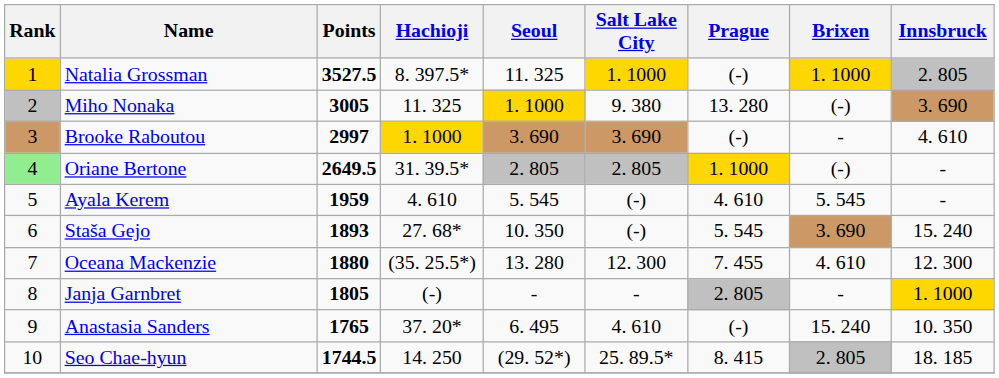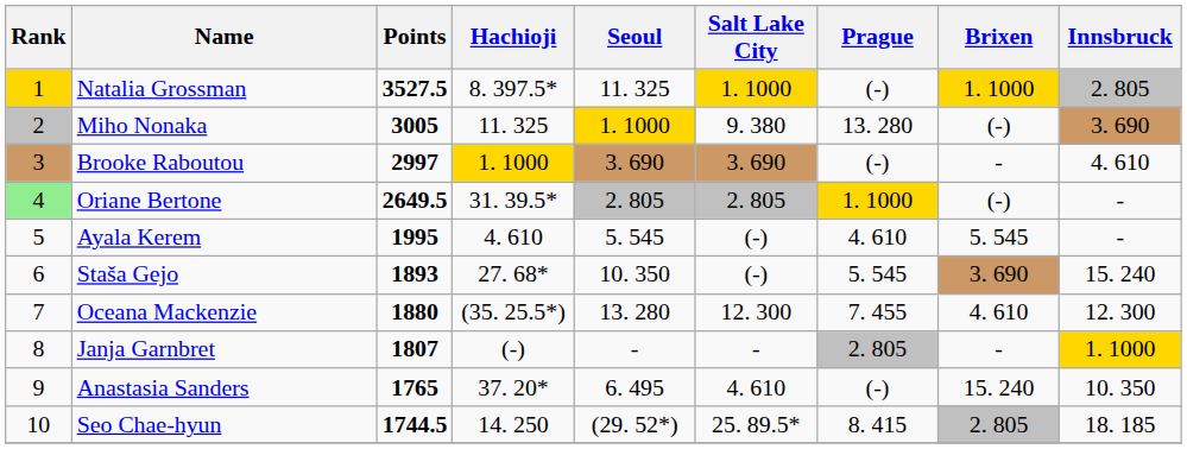 <table class="wikitable sortable">
 <tr>
 <th>Rank</th>
 <th width = "200">Name</th>
 <th>Points</th>
 <th width = "75" data-sort-type="number"><a href='#'>Hachioji</a></th>
 <th width = "75" data-sort-type="number"><a href='#'>Seoul</a></th>
 <th width = "75" data-sort-type="number"><a href='#'>Salt Lake City</a></th>
 <th width = "75" data-sort-type="number"><a href='#'>Prague</a></th>
 <th width = "75" data-sort-type="number"><a href='#'>Brixen</a></th>
 <th width = "75" data-sort-type="number"><a href='#'>Innsbruck</a></th>
 </tr>
 <tr>
 <td align="center" style="background: gold">1</td>
 <td> <a href='#'>Natalia Grossman</a></td>
 <td align="center"><strong>3527.5</strong></td>
 <td align="center">8. 397.5*</td>
 <td align="center">11. 325</td>
 <td align="center" style="background: gold">1. 1000</td>
 <td align="center">(-)</td>
 <td align="center" style="background: gold">1. 1000</td>
 <td align="center" style="background: silver">2. 805</td>
 </tr>
 <tr>
 <td align="center" style="background: silver">2</td>
 <td> <a href='#'>Miho Nonaka</a></td>
 <td align="center"><strong>3005</strong></td>
 <td align="center">11. 325</td>
 <td align="center" style="background: gold">1. 1000</td>
 <td align="center">9. 380</td>
 <td align="center">13. 280</td>
 <td align="center">(-)</td>
 <td align="center" style="background: #cc9966">3. 690</td>
 </tr>
 <tr>
 <td align="center" style="background: #cc9966">3</td>
 <td> <a href='#'>Brooke Raboutou</a></td>
 <td align="center"><strong>2997</strong></td>
 <td align="center" style="background: gold">1. 1000</td>
 <td align="center" style="background: #cc9966">3. 690</td>
 <td align="center" style="background: #cc9966">3. 690</td>
 <td align="center">(-)</td>
 <td align="center">-</td>
 <td align="center">4. 610</td>
 </tr>
 <tr>
 <td align="center" style="background: lightgreen;">4</td>
 <td> <a href='#'>Oriane Bertone</a></td>
 <td align="center"><strong>2649.5</strong></td>
 <td align="center">31. 39.5*</td>
 <td align="center" style="background: silver">2. 805</td>
 <td align="center" style="background: silver">2. 805</td>
 <td align="center" style="background: gold">1. 1000</td>
 <td align="center">(-)</td>
 <td align="center">-</td>
 </tr>
 <tr>
 <td align="center">5</td>
 <td> <a href='#'>Ayala Kerem</a></td>
-<td align="center"><strong>1959</strong></td>
+<td align="center"><strong>1995</strong></td>
 <td align="center">4. 610</td>
 <td align="center">5. 545</td>
 <td align="center">(-)</td>
 <td align="center">4. 610</td>
 <td align="center">5. 545</td>
 <td align="center">-</td>
 </tr>
 <tr>
 <td align="center">6</td>
 <td> <a href='#'>Staša Gejo</a></td>
 <td align="center"><strong>1893</strong></td>
 <td align="center">27. 68*</td>
 <td align="center">10. 350</td>
 <td align="center">(-)</td>
 <td align="center">5. 545</td>
 <td align="center" style="background: #cc9966">3. 690</td>
 <td align="center">15. 240</td>
 </tr>
 <tr>
 <td align="center">7</td>
 <td> <a href='#'>Oceana Mackenzie</a></td>
 <td align="center"><strong>1880</strong></td>
 <td align="center">(35. 25.5*)</td>
 <td align="center">13. 280</td>
 <td align="center">12. 300</td>
 <td align="center">7. 455</td>
 <td align="center">4. 610</td>
 <td align="center">12. 300</td>
 </tr>
 <tr>
 <td align="center">8</td>
 <td> <a href='#'>Janja  Garnbret</a></td>
-<td align="center"><strong>1805</strong></td>
+<td align="center"><strong>1807</strong></td>
 <td align="center">(-)</td>
 <td align="center">-</td>
 <td align="center">-</td>
 <td align="center" style="background: silver">2. 805</td>
 <td align="center">-</td>
 <td align="center" style="background: gold">1. 1000</td>
 </tr>
 <tr>
 <td align="center">9</td>
 <td> <a href='#'>Anastasia Sanders</a></td>
 <td align="center"><strong>1765</strong></td>
 <td align="center">37. 20*</td>
 <td align="center">6. 495</td>
 <td align="center">4. 610</td>
 <td align="center">(-)</td>
 <td align="center">15. 240</td>
 <td align="center">10. 350</td>
 </tr>
 <tr>
 <td align="center">10</td>
 <td> <a href='#'>Seo Chae-hyun</a></td>
 <td align="center"><strong>1744.5</strong></td>
 <td align="center">14. 250</td>
 <td align="center">(29. 52*)</td>
 <td align="center">25. 89.5*</td>
 <td align="center">8. 415</td>
 <td align="center" style="background: silver">2. 805</td>
 <td align="center">18. 185</td>
 </tr>
 <tr>
 </tr>
 </table>
